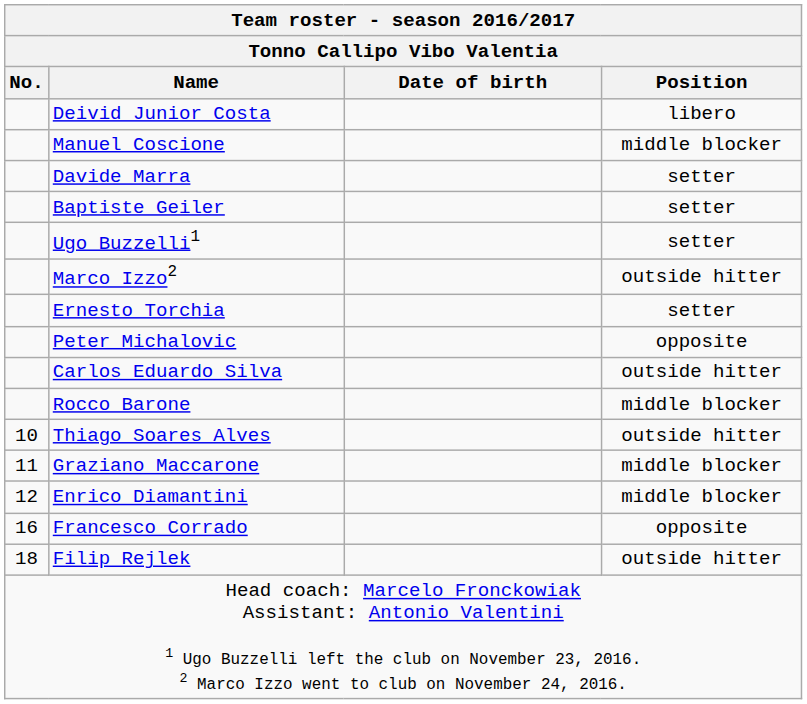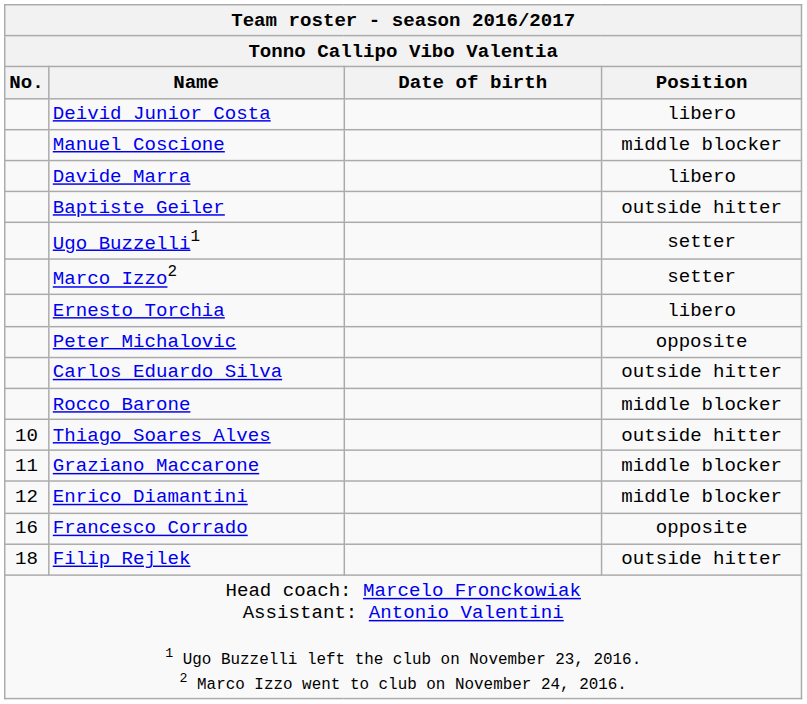 <table class="wikitable collapsible collapsed sortable" style="font-size:100%; text-align:center;">
 <tr>
 <th colspan=6>Team roster - season 2016/2017</th>
 </tr>
 <tr>
 <th colspan=6>Tonno Callipo Vibo Valentia</th>
 </tr>
 <tr>
 <th>No.</th>
 <th style="width:15em">Name</th>
 <th style="width:13em">Date of birth</th>
 <th style="width:10em">Position</th>
 </tr>
 <tr>
 <td></td>
 <td align=left> <a href='#'>Deivid Junior Costa</a></td>
 <td align=right></td>
 <td>libero</td>
 </tr>
 <tr>
 <td></td>
 <td align=left> <a href='#'>Manuel Coscione</a></td>
 <td align=right></td>
 <td>middle blocker</td>
 </tr>
 <tr>
 <td></td>
 <td align=left> <a href='#'>Davide Marra</a></td>
 <td align=right></td>
-<td>setter</td>
+<td>libero</td>
 </tr>
 <tr>
 <td></td>
 <td align=left> <a href='#'>Baptiste Geiler</a></td>
 <td align=right></td>
-<td>setter</td>
+<td>outside hitter</td>
 </tr>
 <tr>
 <td></td>
 <td align=left> <a href='#'>Ugo Buzzelli</a><sup>1</sup></td>
 <td align=right></td>
 <td>setter</td>
 </tr>
 <tr>
 <td></td>
 <td align=left> <a href='#'>Marco Izzo</a><sup>2</sup></td>
 <td align=right></td>
-<td>outside hitter</td>
+<td>setter</td>
 </tr>
 <tr>
 <td></td>
 <td align=left> <a href='#'>Ernesto Torchia</a></td>
 <td align=right></td>
-<td>setter</td>
+<td>libero</td>
 </tr>
 <tr>
 <td></td>
 <td align=left> <a href='#'>Peter Michalovic</a></td>
 <td align=right></td>
 <td>opposite</td>
 </tr>
 <tr>
 <td></td>
 <td align=left> <a href='#'>Carlos Eduardo Silva</a></td>
 <td align=right></td>
 <td>outside hitter</td>
 </tr>
 <tr>
 <td></td>
 <td align=left> <a href='#'>Rocco Barone</a></td>
 <td align=right></td>
 <td>middle blocker</td>
 </tr>
 <tr>
 <td>10</td>
 <td align=left> <a href='#'>Thiago Soares Alves</a></td>
 <td align=right></td>
 <td>outside hitter</td>
 </tr>
 <tr>
 <td>11</td>
 <td align=left> <a href='#'>Graziano Maccarone</a></td>
 <td align=right></td>
 <td>middle blocker</td>
 </tr>
 <tr>
 <td>12</td>
 <td align=left> <a href='#'>Enrico Diamantini</a></td>
 <td align=right></td>
 <td>middle blocker</td>
 </tr>
 <tr>
 <td>16</td>
 <td align=left> <a href='#'>Francesco Corrado</a></td>
 <td align=right></td>
 <td>opposite</td>
 </tr>
 <tr>
 <td>18</td>
 <td align=left> <a href='#'>Filip Rejlek</a></td>
 <td align=right></td>
 <td>outside hitter</td>
 </tr>
 <tr>
 <td colspan=4>Head coach: <a href='#'>Marcelo Fronckowiak</a><br>Assistant: <a href='#'>Antonio Valentini</a><br><br><small><sup>1</sup> Ugo Buzzelli left the club on November 23, 2016.</small><br> <small><sup>2</sup> Marco Izzo went to club on November 24, 2016.</small><br></td>
 </tr>
 </table>
